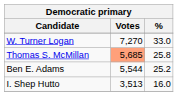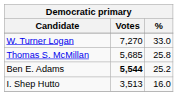 <table class="wikitable" align="left" style="margin: 1em 1em 1em 0; font-size: 95%;">
 <tr>
 <th colspan="3">Democratic primary</th>
 </tr>
 <tr>
 <th colspan="1" style="width: 170px">Candidate</th>
 <th style="width: 50px">Votes</th>
 <th style="width: 40px">%</th>
 </tr>
 <tr>
 </tr>
 <tr>
 <td><a href='#'>W. Turner Logan</a></td>
 <td align="right">7,270</td>
 <td align="right">33.0</td>
 </tr>
 <tr>
 <td><a href='#'>Thomas S. McMillan</a></td>
-<td align="right" style="background: lightsalmon;">5,685</td>
+<td align="right">5,685</td>
 <td align="right">25.8</td>
 </tr>
 <tr>
 <td>Ben E. Adams</td>
-<td align="right">5,544</td>
+<td align="right"><strong>5,544</strong></td>
 <td align="right">25.2</td>
 </tr>
 <tr>
 <td>I. Shep Hutto</td>
 <td align="right">3,513</td>
 <td align="right">16.0</td>
 </tr>
 <tr>
 </tr>
 </table>
